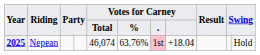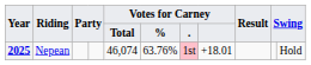 <table class="wikitable" style="font-size:90%; text-align:center;">
 <tr>
 <th rowspan="2" style="background:#eaecf0;">Year</th>
 <th rowspan="2" style="background:#eaecf0;">Riding</th>
 <th colspan="2" rowspan="2" style="background:#eaecf0;">Party</th>
 <th colspan="4" style="background:#eaecf0;">Votes for Carney</th>
 <th rowspan="2" style="background:#eaecf0;">Result</th>
 <th colspan="2" rowspan="2" style="background:#eaecf0;"><a href='#'>Swing</a></th>
 </tr>
 <tr>
 <th style="background:#eaecf0;">Total</th>
 <th style="background:#eaecf0;">%</th>
 <th style="background:#eaecf0;">.</th>
 <th style="background:#eaecf0;"></th>
 </tr>
 <tr>
 <th><a href='#'>2025</a></th>
 <td><a href='#'>Nepean</a></td>
 <td style="background-color:"></td>
 <td></td>
 <td>46,074</td>
 <td>63.76%</td>
 <td style="background: pink;">1st</td>
-<td>+18.04</td>
+<td>+18.01</td>
 <td></td>
 <td style="background-color:"></td>
 <td>Hold</td>
 </tr>
 </table>
